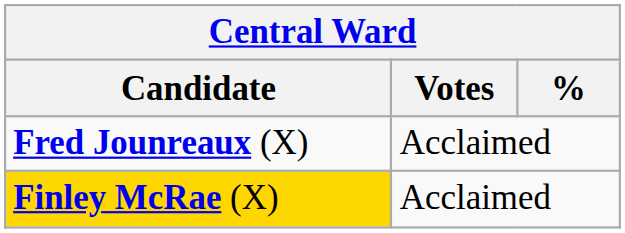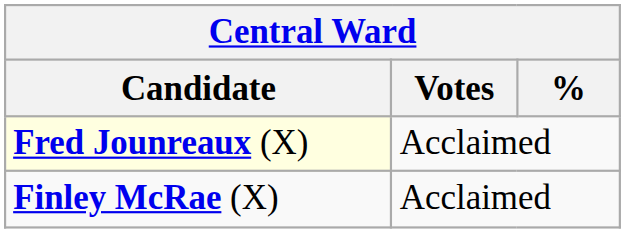 <table class="wikitable">
 <tr>
 <th colspan="3"><a href='#'>Central Ward</a></th>
 </tr>
 <tr>
 <th style="width: 170px">Candidate</th>
 <th style="width: 50px">Votes</th>
 <th style="width: 40px">%</th>
 </tr>
 <tr>
-<td><strong><a href='#'>Fred Jounreaux</a></strong> (X)</td>
+<td style="background: lightyellow;"><strong><a href='#'>Fred Jounreaux</a></strong> (X)</td>
 <td colspan="2">Acclaimed</td>
 </tr>
 <tr>
-<td style="background: gold;"><strong><a href='#'>Finley McRae</a></strong> (X)</td>
+<td><strong><a href='#'>Finley McRae</a></strong> (X)</td>
 <td colspan="2">Acclaimed</td>
 </tr>
 </table>
